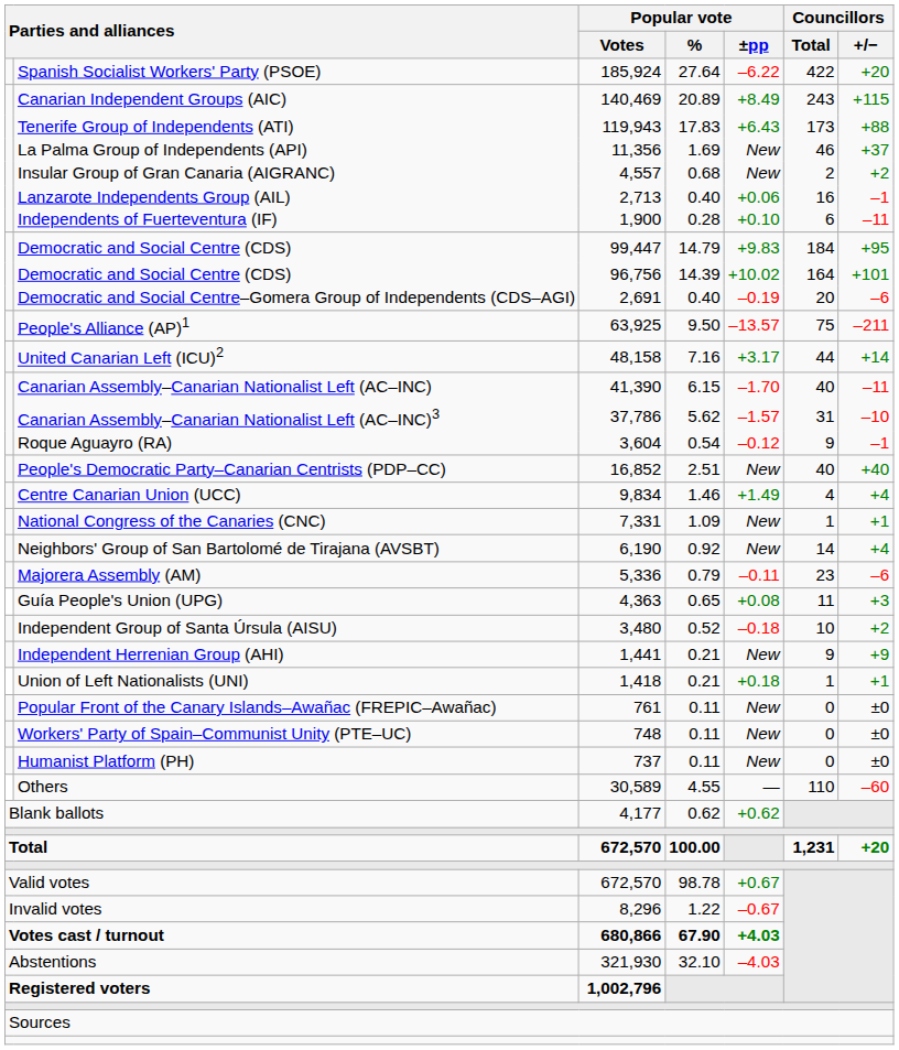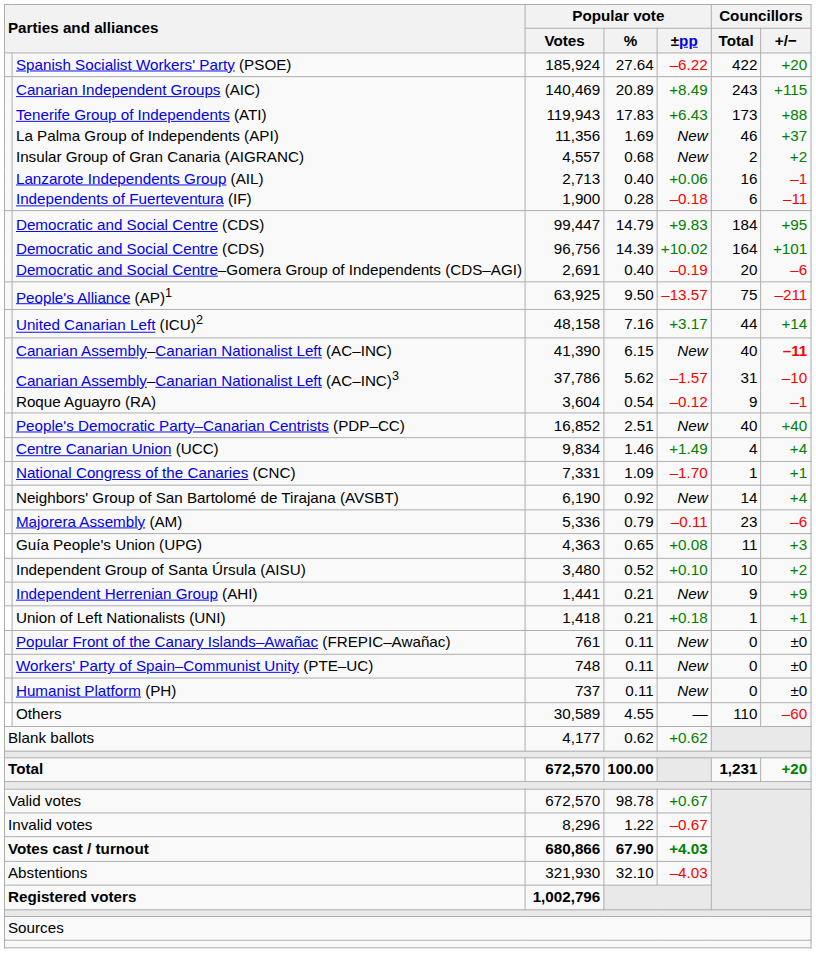 <table class="wikitable" style="text-align:right;">
 <tr>
 <th style="text-align:left;" rowspan="2" colspan="2" width="525">Parties and alliances</th>
 <th colspan="3">Popular vote</th>
 <th colspan="2">Councillors</th>
 </tr>
 <tr>
 <th width="75">Votes</th>
 <th width="45">%</th>
 <th width="45">±<a href='#'>pp</a></th>
 <th width="45">Total</th>
 <th width="45">+/−</th>
 </tr>
 <tr>
 <td width="1" style="color:inherit;background:"></td>
 <td align="left"><a href='#'>Spanish Socialist Workers' Party</a> (PSOE)</td>
 <td>185,924</td>
 <td>27.64</td>
 <td style="color:red;">–6.22</td>
 <td>422</td>
 <td style="color:green;">+20</td>
 </tr>
 <tr style="line-height:22px;">
 <td rowspan="6" style="color:inherit;background:"></td>
 <td align="left"><a href='#'>Canarian Independent Groups</a> (AIC)</td>
 <td>140,469</td>
 <td>20.89</td>
 <td style="color:green;">+8.49</td>
 <td>243</td>
 <td style="color:green;">+115</td>
 </tr>
 <tr style="border-bottom-style:hidden; border-top-style:hidden; line-height:16px;">
 <td align="left"><span><a href='#'>Tenerife Group of Independents</a> (ATI)</span></td>
 <td>119,943</td>
 <td>17.83</td>
 <td style="color:green;">+6.43</td>
 <td>173</td>
 <td style="color:green;">+88</td>
 </tr>
 <tr style="border-bottom-style:hidden; line-height:16px;">
 <td align="left"><span>La Palma Group of Independents (API)</span></td>
 <td>11,356</td>
 <td>1.69</td>
 <td><em>New</em></td>
 <td>46</td>
 <td style="color:green;">+37</td>
 </tr>
 <tr style="border-bottom-style:hidden; line-height:16px;">
 <td align="left"><span>Insular Group of Gran Canaria (AIGRANC)</span></td>
 <td>4,557</td>
 <td>0.68</td>
 <td><em>New</em></td>
 <td>2</td>
 <td style="color:green;">+2</td>
 </tr>
 <tr style="border-bottom-style:hidden; line-height:16px;">
 <td align="left"><span><a href='#'>Lanzarote Independents Group</a> (AIL)</span></td>
 <td>2,713</td>
 <td>0.40</td>
 <td style="color:green;">+0.06</td>
 <td>16</td>
 <td style="color:red;">–1</td>
 </tr>
 <tr style="line-height:16px;">
 <td align="left"><span><a href='#'>Independents of Fuerteventura</a> (IF)</span></td>
 <td>1,900</td>
 <td>0.28</td>
-<td style="color:green;">+0.10</td>
+<td style="color:red;">–0.18</td>
 <td>6</td>
 <td style="color:red;">–11</td>
 </tr>
 <tr style="line-height:22px;">
 <td rowspan="3" style="color:inherit;background:"></td>
 <td align="left"><a href='#'>Democratic and Social Centre</a> (CDS)</td>
 <td>99,447</td>
 <td>14.79</td>
 <td style="color:green;">+9.83</td>
 <td>184</td>
 <td style="color:green;">+95</td>
 </tr>
 <tr style="border-bottom-style:hidden; border-top-style:hidden; line-height:16px;">
 <td align="left"><span><a href='#'>Democratic and Social Centre</a> (CDS)</span></td>
 <td>96,756</td>
 <td>14.39</td>
 <td style="color:green;">+10.02</td>
 <td>164</td>
 <td style="color:green;">+101</td>
 </tr>
 <tr style="line-height:16px;">
 <td align="left"><span><a href='#'>Democratic and Social Centre</a>–Gomera Group of Independents (CDS–AGI)</span></td>
 <td>2,691</td>
 <td>0.40</td>
 <td style="color:red;">–0.19</td>
 <td>20</td>
 <td style="color:red;">–6</td>
 </tr>
 <tr>
 <td style="color:inherit;background:"></td>
 <td align="left"><a href='#'>People's Alliance</a> (AP)<sup>1</sup></td>
 <td>63,925</td>
 <td>9.50</td>
 <td style="color:red;">–13.57</td>
 <td>75</td>
 <td style="color:red;">–211</td>
 </tr>
 <tr>
 <td style="color:inherit;background:"></td>
 <td align="left"><a href='#'>United Canarian Left</a> (ICU)<sup>2</sup></td>
 <td>48,158</td>
 <td>7.16</td>
 <td style="color:green;">+3.17</td>
 <td>44</td>
 <td style="color:green;">+14</td>
 </tr>
 <tr style="line-height:22px;">
 <td rowspan="3" style="color:inherit;background:"></td>
 <td align="left"><a href='#'>Canarian Assembly</a>–<a href='#'>Canarian Nationalist Left</a> (AC–INC)</td>
 <td>41,390</td>
 <td>6.15</td>
-<td style="color:red;">–1.70</td>
+<td><em>New</em></td>
 <td>40</td>
-<td style="color:red;">–11</td>
+<td style="color:red;"><strong>–11</strong></td>
 </tr>
 <tr style="border-bottom-style:hidden; border-top-style:hidden; line-height:16px;">
 <td align="left"><span><a href='#'>Canarian Assembly</a>–<a href='#'>Canarian Nationalist Left</a> (AC–INC)<sup>3</sup></span></td>
 <td>37,786</td>
 <td>5.62</td>
 <td style="color:red;">–1.57</td>
 <td>31</td>
 <td style="color:red;">–10</td>
 </tr>
 <tr style="line-height:16px;">
 <td align="left"><span>Roque Aguayro (RA)</span></td>
 <td>3,604</td>
 <td>0.54</td>
 <td style="color:red;">–0.12</td>
 <td>9</td>
 <td style="color:red;">–1</td>
 </tr>
 <tr>
 <td style="color:inherit;background:"></td>
 <td align="left"><a href='#'>People's Democratic Party–Canarian Centrists</a> (PDP–CC)</td>
 <td>16,852</td>
 <td>2.51</td>
 <td><em>New</em></td>
 <td>40</td>
 <td style="color:green;">+40</td>
 </tr>
 <tr>
 <td style="color:inherit;background:"></td>
 <td align="left"><a href='#'>Centre Canarian Union</a> (UCC)</td>
 <td>9,834</td>
 <td>1.46</td>
 <td style="color:green;">+1.49</td>
 <td>4</td>
 <td style="color:green;">+4</td>
 </tr>
 <tr>
 <td style="color:inherit;background:"></td>
 <td align="left"><a href='#'>National Congress of the Canaries</a> (CNC)</td>
 <td>7,331</td>
 <td>1.09</td>
-<td><em>New</em></td>
+<td style="color:red;">–1.70</td>
 <td>1</td>
 <td style="color:green;">+1</td>
 </tr>
 <tr>
 <td style="color:inherit;background:"></td>
 <td align="left">Neighbors' Group of San Bartolomé de Tirajana (AVSBT)</td>
 <td>6,190</td>
 <td>0.92</td>
 <td><em>New</em></td>
 <td>14</td>
 <td style="color:green;">+4</td>
 </tr>
 <tr>
 <td style="color:inherit;background:"></td>
 <td align="left"><a href='#'>Majorera Assembly</a> (AM)</td>
 <td>5,336</td>
 <td>0.79</td>
 <td style="color:red;">–0.11</td>
 <td>23</td>
 <td style="color:red;">–6</td>
 </tr>
 <tr>
 <td bgcolor="white"></td>
 <td align="left">Guía People's Union (UPG)</td>
 <td>4,363</td>
 <td>0.65</td>
 <td style="color:green;">+0.08</td>
 <td>11</td>
 <td style="color:green;">+3</td>
 </tr>
 <tr>
 <td style="color:inherit;background:"></td>
 <td align="left">Independent Group of Santa Úrsula (AISU)</td>
 <td>3,480</td>
 <td>0.52</td>
-<td style="color:red;">–0.18</td>
+<td style="color:green;">+0.10</td>
 <td>10</td>
 <td style="color:green;">+2</td>
 </tr>
 <tr>
 <td style="color:inherit;background:"></td>
 <td align="left"><a href='#'>Independent Herrenian Group</a> (AHI)</td>
 <td>1,441</td>
 <td>0.21</td>
 <td><em>New</em></td>
 <td>9</td>
 <td style="color:green;">+9</td>
 </tr>
 <tr>
 <td bgcolor="white"></td>
 <td align="left">Union of Left Nationalists (UNI)</td>
 <td>1,418</td>
 <td>0.21</td>
 <td style="color:green;">+0.18</td>
 <td>1</td>
 <td style="color:green;">+1</td>
 </tr>
 <tr>
 <td style="color:inherit;background:"></td>
 <td align="left"><a href='#'>Popular Front of the Canary Islands–Awañac</a> (FREPIC–Awañac)</td>
 <td>761</td>
 <td>0.11</td>
 <td><em>New</em></td>
 <td>0</td>
 <td>±0</td>
 </tr>
 <tr>
 <td style="color:inherit;background:"></td>
 <td align="left"><a href='#'>Workers' Party of Spain–Communist Unity</a> (PTE–UC)</td>
 <td>748</td>
 <td>0.11</td>
 <td><em>New</em></td>
 <td>0</td>
 <td>±0</td>
 </tr>
 <tr>
 <td style="color:inherit;background:"></td>
 <td align="left"><a href='#'>Humanist Platform</a> (PH)</td>
 <td>737</td>
 <td>0.11</td>
 <td><em>New</em></td>
 <td>0</td>
 <td>±0</td>
 </tr>
 <tr>
 <td bgcolor="white"></td>
 <td align="left">Others</td>
 <td>30,589</td>
 <td>4.55</td>
 <td>—</td>
 <td>110</td>
 <td style="color:red;">–60</td>
 </tr>
 <tr>
 <td align="left" colspan="2">Blank ballots</td>
 <td>4,177</td>
 <td>0.62</td>
 <td style="color:green;">+0.62</td>
 <td bgcolor="#E9E9E9" colspan="2"></td>
 </tr>
 <tr>
 <td colspan="7" bgcolor="#E9E9E9"></td>
 </tr>
 <tr style="font-weight:bold;">
 <td align="left" colspan="2">Total</td>
 <td>672,570</td>
 <td>100.00</td>
 <td bgcolor="#E9E9E9"></td>
 <td>1,231</td>
 <td style="color:green;">+20</td>
 </tr>
 <tr>
 <td colspan="7" bgcolor="#E9E9E9"></td>
 </tr>
 <tr>
 <td align="left" colspan="2">Valid votes</td>
 <td>672,570</td>
 <td>98.78</td>
 <td style="color:green;">+0.67</td>
 <td bgcolor="#E9E9E9" colspan="2" rowspan="5"></td>
 </tr>
 <tr>
 <td align="left" colspan="2">Invalid votes</td>
 <td>8,296</td>
 <td>1.22</td>
 <td style="color:red;">–0.67</td>
 </tr>
 <tr style="font-weight:bold;">
 <td align="left" colspan="2">Votes cast / turnout</td>
 <td>680,866</td>
 <td>67.90</td>
 <td style="color:green;">+4.03</td>
 </tr>
 <tr>
 <td align="left" colspan="2">Abstentions</td>
 <td>321,930</td>
 <td>32.10</td>
 <td style="color:red;">–4.03</td>
 </tr>
 <tr style="font-weight:bold;">
 <td align="left" colspan="2">Registered voters</td>
 <td>1,002,796</td>
 <td bgcolor="#E9E9E9" colspan="2"></td>
 </tr>
 <tr>
 <td colspan="7" bgcolor="#E9E9E9"></td>
 </tr>
 <tr>
 <td align="left" colspan="7">Sources</td>
 </tr>
 <tr>
 <td colspan="7" style="text-align:left; max-width:790px;"></td>
 </tr>
 </table>
